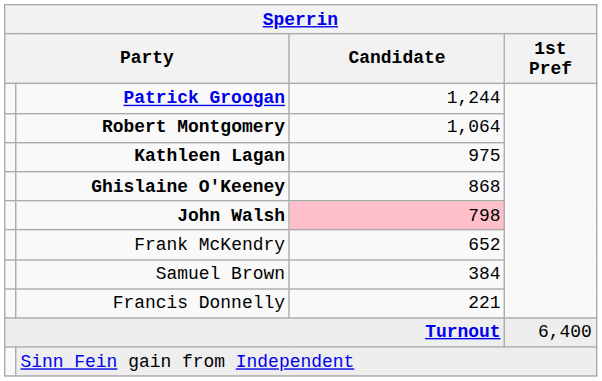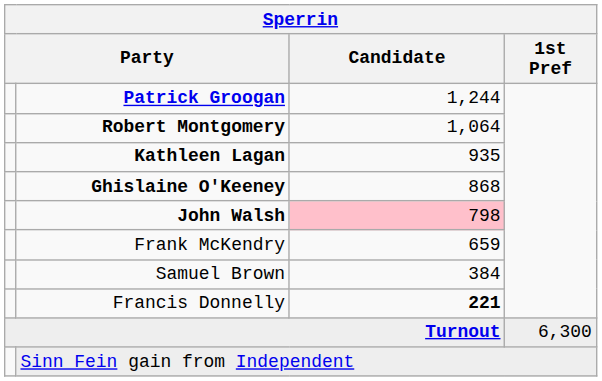 <table class="wikitable">
 <tr>
 <th colspan="4" align="center"><a href='#'>Sperrin</a></th>
 </tr>
 <tr>
 <th colspan="2" align="center" width=200>Party</th>
 <th width=150>Candidate</th>
 <th width=60>1st Pref</th>
 </tr>
 <tr>
 <td></td>
 <td align="right"><strong><a href='#'>Patrick Groogan</a></strong></td>
 <td align="right">1,244</td>
 </tr>
 <tr>
 <td></td>
 <td align="right"><strong>Robert Montgomery</strong></td>
 <td align="right">1,064</td>
 </tr>
 <tr>
 <td></td>
 <td align="right"><strong>Kathleen Lagan</strong></td>
-<td align="right">975</td>
+<td align="right">935</td>
 </tr>
 <tr>
 <td></td>
 <td align="right"><strong>Ghislaine O'Keeney</strong></td>
 <td align="right">868</td>
 </tr>
 <tr>
 <td></td>
 <td align="right"><strong>John Walsh</strong></td>
 <td align="right" style="background: pink;">798</td>
 </tr>
 <tr>
 <td></td>
 <td align="right">Frank McKendry</td>
-<td align="right">652</td>
+<td align="right">659</td>
 </tr>
 <tr>
 <td></td>
 <td align="right">Samuel Brown</td>
 <td align="right">384</td>
 </tr>
 <tr>
 <td></td>
 <td align="right">Francis Donnelly</td>
-<td align="right">221</td>
+<td align="right"><strong>221</strong></td>
 </tr>
 <tr bgcolor="EEEEEE">
 <td colspan=3 align="right"><strong><a href='#'>Turnout</a></strong></td>
-<td align="right">6,400</td>
+<td align="right">6,300</td>
 </tr>
 <tr>
 <td style="color:inherit;background:"></td>
 <td colspan=3 bgcolor="EEEEEE"><a href='#'>Sinn Fein</a> gain from <a href='#'>Independent</a></td>
 </tr>
 </table>
